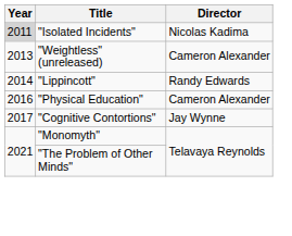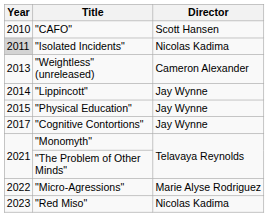 <table class="wikitable" border="1">
 <tr>
 <th>Year</th>
 <th width="175">Title</th>
 <th>Director</th>
+</tr>
+<tr>
+<td>2010</td>
+<td>"CAFO"</td>
+<td>Scott Hansen</td>
 </tr>
 <tr>
 <td style="background: lightgrey;">2011</td>
 <td>"Isolated Incidents"</td>
 <td>Nicolas Kadima</td>
 </tr>
 <tr>
 <td>2013</td>
 <td>"Weightless" (unreleased)</td>
 <td>Cameron Alexander</td>
 </tr>
 <tr>
 <td>2014</td>
 <td>"Lippincott"</td>
-<td>Randy Edwards</td>
+<td>Jay Wynne</td>
 </tr>
 <tr>
-<td>2016</td>
+<td>2015</td>
 <td>"Physical Education"</td>
-<td>Cameron Alexander</td>
+<td>Jay Wynne</td>
 </tr>
 <tr>
 <td>2017</td>
 <td>"Cognitive Contortions"</td>
 <td>Jay Wynne</td>
 </tr>
 <tr>
 <td rowspan="2">2021</td>
 <td>"Monomyth"</td>
 <td rowspan="2">Telavaya Reynolds</td>
 </tr>
 <tr>
 <td>"The Problem of Other Minds"</td>
 </tr>
+<tr>
+<td>2022</td>
+<td>"Micro-Agressions"</td>
+<td>Marie Alyse Rodriguez</td>
+</tr>
+<tr>
+<td>2023</td>
+<td>"Red Miso"</td>
+<td>Nicolas Kadima</td>
+</tr>
 </table>
